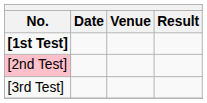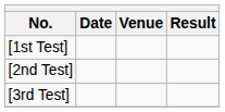 <table class="wikitable">
 <tr>
 <th colspan="4"></th>
 </tr>
 <tr>
 <th>No.</th>
 <th>Date</th>
 <th>Venue</th>
 <th>Result</th>
 </tr>
 <tr>
-<td><strong>[1st Test]</strong></td>
+<td>[1st Test]</td>
 <td></td>
 <td></td>
 <td></td>
 </tr>
 <tr>
-<td style="background: pink;">[2nd Test]</td>
+<td>[2nd Test]</td>
 <td></td>
 <td></td>
 <td></td>
 </tr>
 <tr>
 <td>[3rd Test]</td>
 <td></td>
 <td></td>
 <td></td>
 </tr>
 <tr>
 </tr>
 </table>
